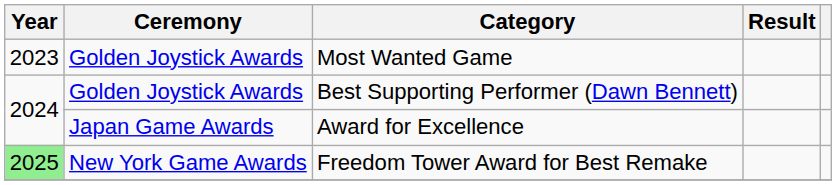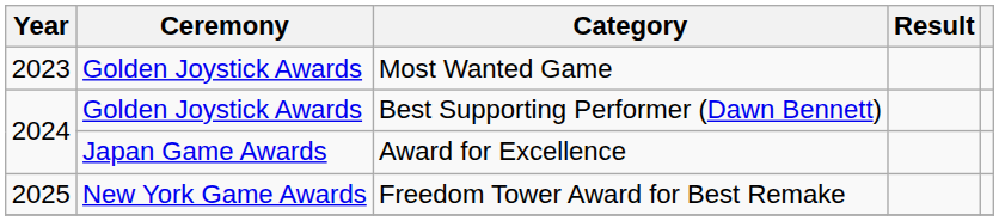 <table class="wikitable plainrowheaders sortable" width="auto">
 <tr>
 <th scope="col">Year</th>
 <th scope="col">Ceremony</th>
 <th scope="col">Category</th>
 <th scope="col">Result</th>
 <th scope="col" class="unsortable"></th>
 </tr>
 <tr>
 <td>2023</td>
 <td><a href='#'>Golden Joystick Awards</a></td>
 <td>Most Wanted Game</td>
 <td></td>
 <td style="text-align:center;"></td>
 </tr>
 <tr>
 <td rowspan="2">2024</td>
 <td><a href='#'>Golden Joystick Awards</a></td>
 <td>Best Supporting Performer (<a href='#'>Dawn Bennett</a>)</td>
 <td></td>
 <td style="text-align:center;"></td>
 </tr>
 <tr>
 <td><a href='#'>Japan Game Awards</a></td>
 <td>Award for Excellence</td>
 <td></td>
 <td></td>
 </tr>
 <tr>
-<td style="background: lightgreen;">2025</td>
+<td>2025</td>
 <td><a href='#'>New York Game Awards</a></td>
 <td>Freedom Tower Award for Best Remake</td>
 <td></td>
 <td style="text-align:center;"></td>
 </tr>
 <tr>
 </tr>
 </table>
